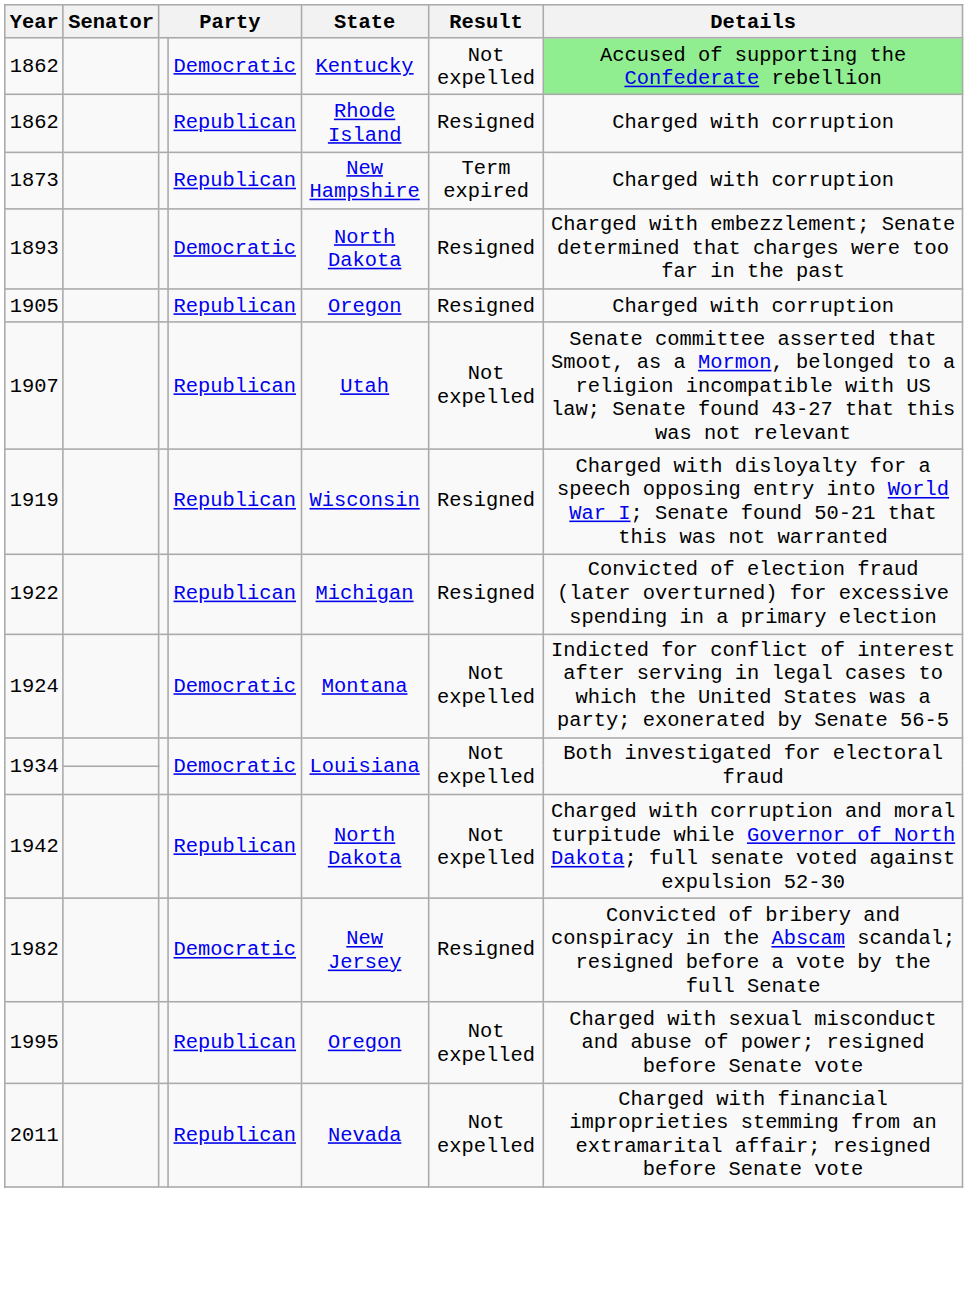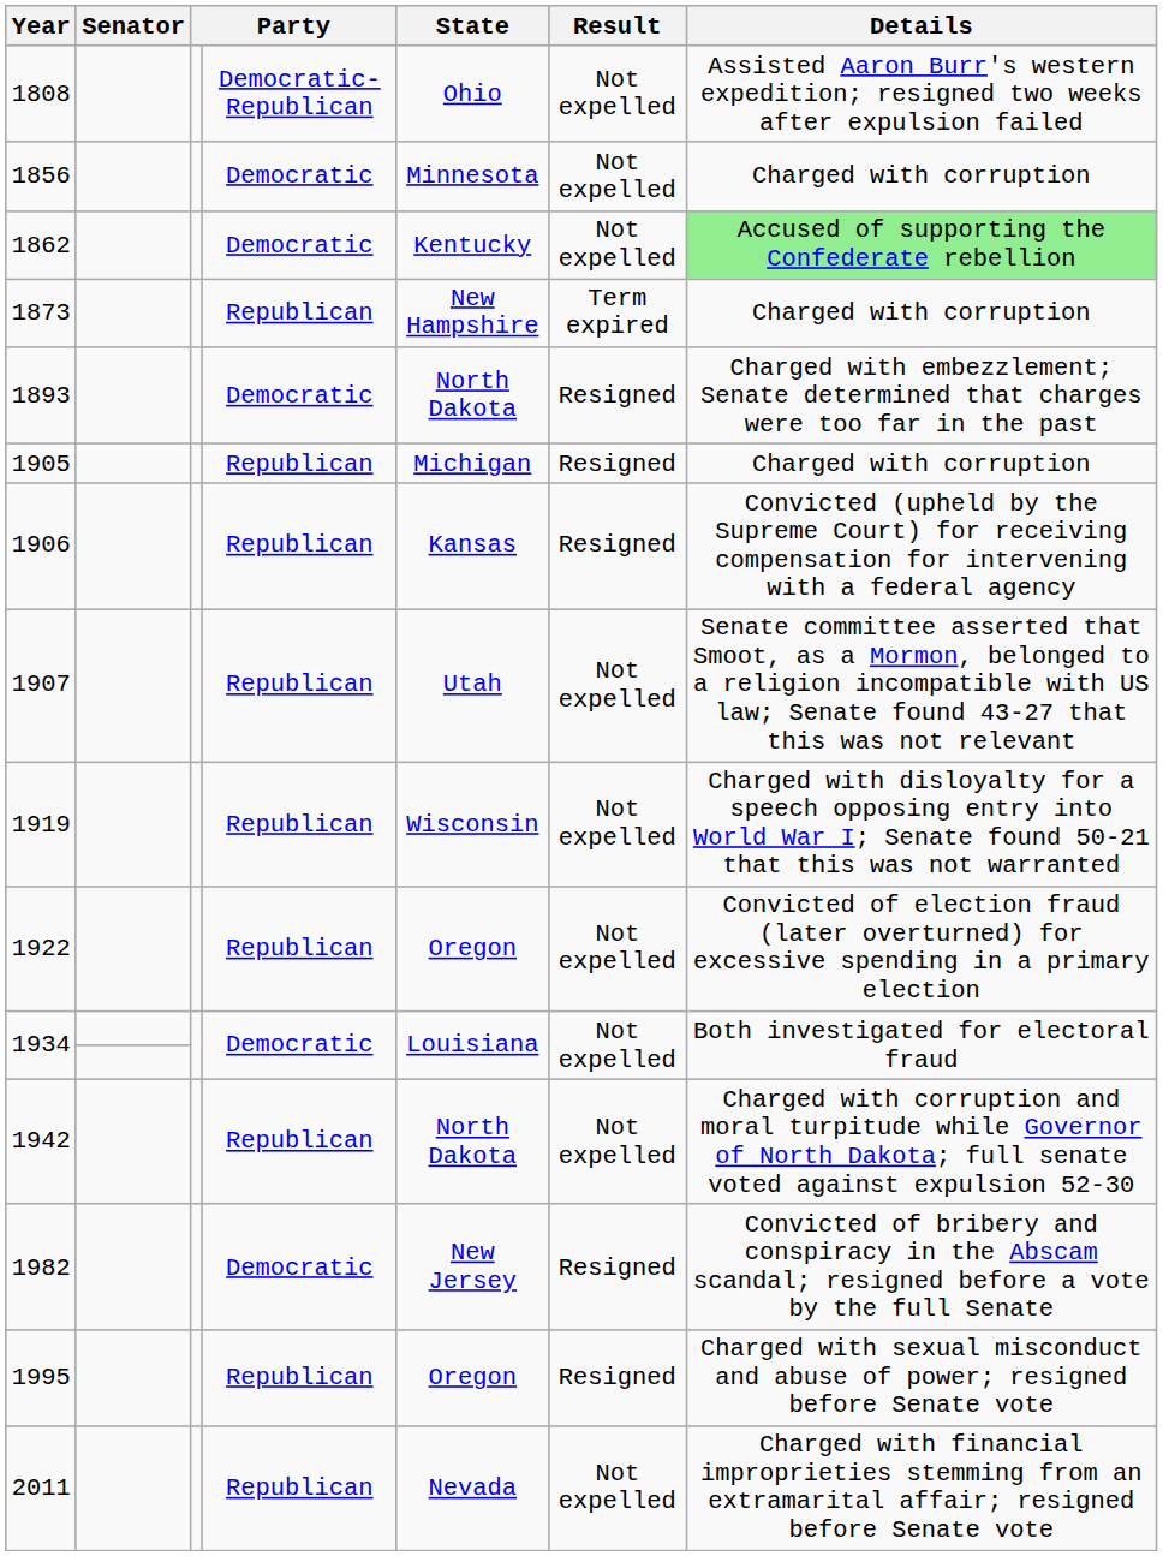 <table class="wikitable sortable" style="text-align:center">
 <tr>
 <th>Year</th>
 <th>Senator</th>
 <th colspan=2>Party</th>
 <th>State</th>
 <th>Result</th>
 <th>Details</th>
 </tr>
 <tr>
+<td>1808</td>
+<td></td>
+<td style="background-color:"></td>
+<td><a href='#'>Democratic-Republican</a></td>
+<td><a href='#'>Ohio</a></td>
+<td>Not expelled</td>
+<td>Assisted <a href='#'>Aaron Burr</a>'s western expedition; resigned two weeks after expulsion failed</td>
+</tr>
+<tr>
+<td>1856</td>
+<td></td>
+<td style="background-color:"></td>
+<td><a href='#'>Democratic</a></td>
+<td><a href='#'>Minnesota</a></td>
+<td>Not expelled</td>
+<td>Charged with corruption</td>
+</tr>
+<tr>
 <td>1862</td>
 <td></td>
 <td style="background-color:"></td>
 <td><a href='#'>Democratic</a></td>
 <td><a href='#'>Kentucky</a></td>
 <td>Not expelled</td>
 <td style="background: lightgreen;">Accused of supporting the <a href='#'>Confederate</a> rebellion</td>
-</tr>
-<tr>
-<td>1862</td>
-<td></td>
-<td style="background-color:"></td>
-<td><a href='#'>Republican</a></td>
-<td><a href='#'>Rhode Island</a></td>
-<td>Resigned</td>
-<td>Charged with corruption</td>
 </tr>
 <tr>
 <td>1873</td>
 <td></td>
 <td style="background-color:"></td>
 <td><a href='#'>Republican</a></td>
 <td><a href='#'>New Hampshire</a></td>
 <td>Term expired</td>
 <td>Charged with corruption</td>
 </tr>
 <tr>
 <td>1893</td>
 <td></td>
 <td style="background-color:"></td>
 <td><a href='#'>Democratic</a></td>
 <td><a href='#'>North Dakota</a></td>
 <td>Resigned</td>
 <td>Charged with embezzlement; Senate determined that charges were too far in the past</td>
 </tr>
 <tr>
 <td>1905</td>
 <td></td>
 <td style="background-color:"></td>
 <td><a href='#'>Republican</a></td>
-<td><a href='#'>Oregon</a></td>
+<td><a href='#'>Michigan</a></td>
 <td>Resigned</td>
 <td>Charged with corruption</td>
+</tr>
+<tr>
+<td>1906</td>
+<td></td>
+<td style="background-color:"></td>
+<td><a href='#'>Republican</a></td>
+<td><a href='#'>Kansas</a></td>
+<td>Resigned</td>
+<td>Convicted (upheld by the Supreme Court) for receiving compensation for intervening with a federal agency</td>
 </tr>
 <tr>
 <td>1907</td>
 <td></td>
 <td style="background-color:"></td>
 <td><a href='#'>Republican</a></td>
 <td><a href='#'>Utah</a></td>
 <td>Not expelled</td>
 <td>Senate committee asserted that Smoot, as a <a href='#'>Mormon</a>, belonged to a religion incompatible with US law; Senate found 43-27 that this was not relevant</td>
 </tr>
 <tr>
 <td>1919</td>
 <td></td>
 <td style="background-color:"></td>
 <td><a href='#'>Republican</a></td>
 <td><a href='#'>Wisconsin</a></td>
-<td>Resigned</td>
+<td>Not expelled</td>
 <td>Charged with disloyalty for a speech opposing entry into <a href='#'>World War I</a>; Senate found 50-21 that this was not warranted</td>
 </tr>
 <tr>
 <td>1922</td>
 <td></td>
 <td style="background-color:"></td>
 <td><a href='#'>Republican</a></td>
-<td><a href='#'>Michigan</a></td>
-<td>Resigned</td>
+<td><a href='#'>Oregon</a></td>
+<td>Not expelled</td>
 <td>Convicted of election fraud (later overturned) for excessive spending in a primary election</td>
-</tr>
-<tr>
-<td>1924</td>
-<td></td>
-<td style="background-color:"></td>
-<td><a href='#'>Democratic</a></td>
-<td><a href='#'>Montana</a></td>
-<td>Not expelled</td>
-<td>Indicted for conflict of interest after serving in legal cases to which the United States was a party; exonerated by Senate 56-5</td>
 </tr>
 <tr>
 <td rowspan=2>1934</td>
 <td></td>
 <td rowspan=2 style="background-color:"></td>
 <td rowspan=2><a href='#'>Democratic</a></td>
 <td rowspan=2><a href='#'>Louisiana</a></td>
 <td rowspan=2>Not expelled</td>
 <td rowspan=2>Both investigated for electoral fraud</td>
 </tr>
 <tr>
 <td></td>
 </tr>
 <tr>
 <td>1942</td>
 <td></td>
 <td style="background-color:"></td>
 <td><a href='#'>Republican</a></td>
 <td><a href='#'>North Dakota</a></td>
 <td>Not expelled</td>
 <td>Charged with corruption and moral turpitude while <a href='#'>Governor of North Dakota</a>; full senate voted against expulsion 52-30</td>
 </tr>
 <tr>
 <td>1982</td>
 <td></td>
 <td style="background-color:"></td>
 <td><a href='#'>Democratic</a></td>
 <td><a href='#'>New Jersey</a></td>
 <td>Resigned</td>
 <td>Convicted of bribery and conspiracy in the <a href='#'>Abscam</a> scandal; resigned before a vote by the full Senate</td>
 </tr>
 <tr>
 <td>1995</td>
 <td></td>
 <td style="background-color:"></td>
 <td><a href='#'>Republican</a></td>
 <td><a href='#'>Oregon</a></td>
-<td>Not expelled</td>
+<td>Resigned</td>
 <td>Charged with sexual misconduct and abuse of power; resigned before Senate vote</td>
 </tr>
 <tr>
 <td>2011</td>
 <td></td>
 <td style="background-color:"></td>
 <td><a href='#'>Republican</a></td>
 <td><a href='#'>Nevada</a></td>
 <td>Not expelled</td>
 <td>Charged with financial improprieties stemming from an extramarital affair; resigned before Senate vote</td>
 </tr>
 </table>
